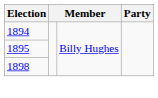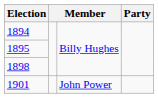 <table class="wikitable">
 <tr>
 <th>Election</th>
 <th colspan="2">Member</th>
 <th>Party</th>
 </tr>
 <tr>
 <td><a href='#'>1894</a></td>
 <td rowspan="3" > </td>
 <td rowspan="3"><a href='#'>Billy Hughes</a></td>
 <td rowspan="3"></td>
 </tr>
 <tr>
 <td><a href='#'>1895</a></td>
 </tr>
 <tr>
 <td><a href='#'>1898</a></td>
 </tr>
+<tr>
+<td><a href='#'>1901</a></td>
+<td> </td>
+<td><a href='#'>John Power</a></td>
+<td></td>
+</tr>
 </table>
